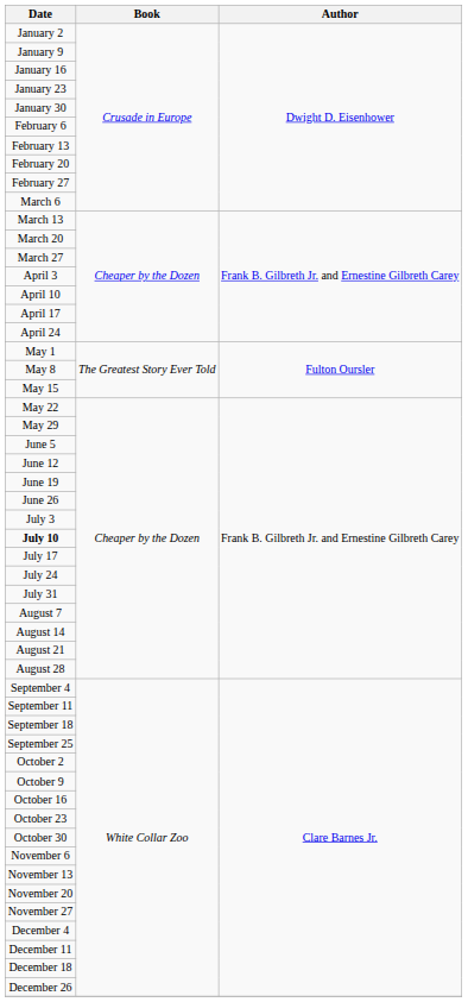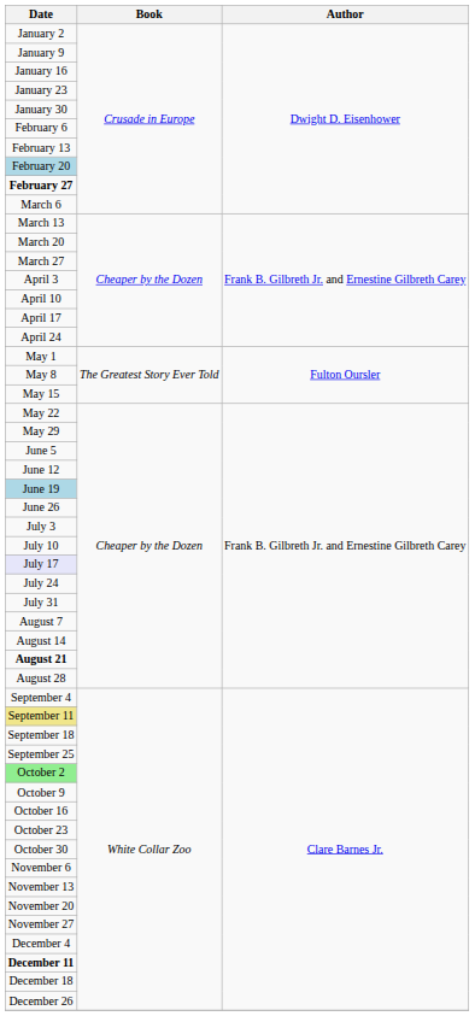 <table class="wikitable sortable" style="text-align: center">
 <tr>
 <th>Date</th>
 <th>Book</th>
 <th>Author</th>
 </tr>
 <tr>
 <td>January 2</td>
 <td rowspan=10><em><a href='#'>Crusade in Europe</a></em></td>
 <td rowspan=10><a href='#'>Dwight D. Eisenhower</a></td>
 </tr>
 <tr>
 <td>January 9</td>
 </tr>
 <tr>
 <td>January 16</td>
 </tr>
 <tr>
 <td>January 23</td>
 </tr>
 <tr>
 <td>January 30</td>
 </tr>
 <tr>
 <td>February 6</td>
 </tr>
 <tr>
 <td>February 13</td>
 </tr>
 <tr>
-<td>February 20</td>
+<td style="background: lightblue;">February 20</td>
 </tr>
 <tr>
-<td>February 27</td>
+<td><strong>February 27</strong></td>
 </tr>
 <tr>
 <td>March 6</td>
 </tr>
 <tr>
 <td>March 13</td>
 <td rowspan=7><em><a href='#'>Cheaper by the Dozen</a></em></td>
 <td rowspan=7><a href='#'>Frank B. Gilbreth Jr.</a> and <a href='#'>Ernestine Gilbreth Carey</a></td>
 </tr>
 <tr>
 <td>March 20</td>
 </tr>
 <tr>
 <td>March 27</td>
 </tr>
 <tr>
 <td>April 3</td>
 </tr>
 <tr>
 <td>April 10</td>
 </tr>
 <tr>
 <td>April 17</td>
 </tr>
 <tr>
 <td>April 24</td>
 </tr>
 <tr>
 <td>May 1</td>
 <td rowspan=3><em>The Greatest Story Ever Told</em></td>
 <td rowspan=3><a href='#'>Fulton Oursler</a></td>
 </tr>
 <tr>
 <td>May 8</td>
 </tr>
 <tr>
 <td>May 15</td>
 </tr>
 <tr>
 <td>May 22</td>
 <td rowspan=15><em>Cheaper by the Dozen</em></td>
 <td rowspan=15>Frank B. Gilbreth Jr. and Ernestine Gilbreth Carey</td>
 </tr>
 <tr>
 <td>May 29</td>
 </tr>
 <tr>
 <td>June 5</td>
 </tr>
 <tr>
 <td>June 12</td>
 </tr>
 <tr>
-<td>June 19</td>
+<td style="background: lightblue;">June 19</td>
 </tr>
 <tr>
 <td>June 26</td>
 </tr>
 <tr>
 <td>July 3</td>
 </tr>
 <tr>
-<td><strong>July 10</strong></td>
+<td>July 10</td>
 </tr>
 <tr>
-<td>July 17</td>
+<td style="background: lavender;">July 17</td>
 </tr>
 <tr>
 <td>July 24</td>
 </tr>
 <tr>
 <td>July 31</td>
 </tr>
 <tr>
 <td>August 7</td>
 </tr>
 <tr>
 <td>August 14</td>
 </tr>
 <tr>
-<td>August 21</td>
+<td><strong>August 21</strong></td>
 </tr>
 <tr>
 <td>August 28</td>
 </tr>
 <tr>
 <td>September 4</td>
 <td rowspan=17><em>White Collar Zoo</em></td>
 <td rowspan=17><a href='#'>Clare Barnes Jr.</a></td>
 </tr>
 <tr>
-<td>September 11</td>
+<td style="background: khaki;">September 11</td>
 </tr>
 <tr>
 <td>September 18</td>
 </tr>
 <tr>
 <td>September 25</td>
 </tr>
 <tr>
-<td>October 2</td>
+<td style="background: lightgreen;">October 2</td>
 </tr>
 <tr>
 <td>October 9</td>
 </tr>
 <tr>
 <td>October 16</td>
 </tr>
 <tr>
 <td>October 23</td>
 </tr>
 <tr>
 <td>October 30</td>
 </tr>
 <tr>
 <td>November 6</td>
 </tr>
 <tr>
 <td>November 13</td>
 </tr>
 <tr>
 <td>November 20</td>
 </tr>
 <tr>
 <td>November 27</td>
 </tr>
 <tr>
 <td>December 4</td>
 </tr>
 <tr>
-<td>December 11</td>
+<td><strong>December 11</strong></td>
 </tr>
 <tr>
 <td>December 18</td>
 </tr>
 <tr>
 <td>December 26</td>
 </tr>
 <tr>
 </tr>
 </table>
